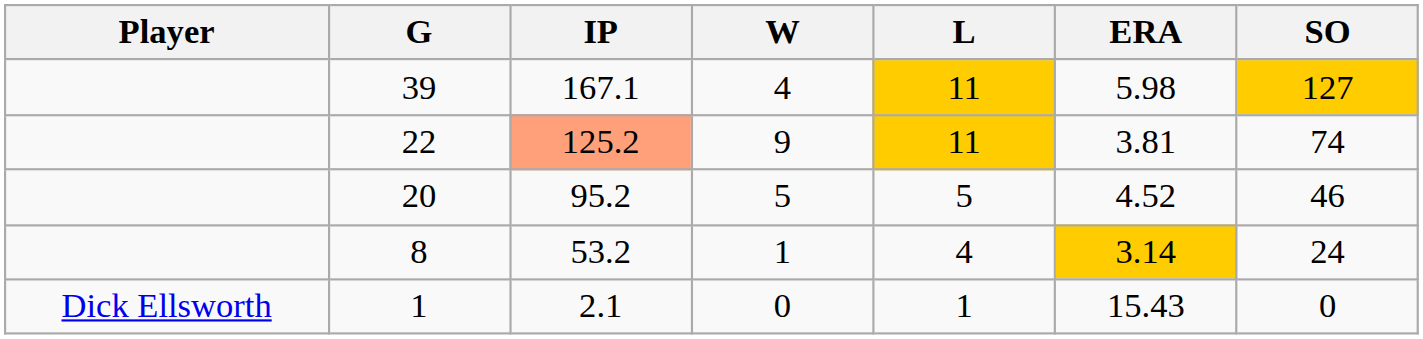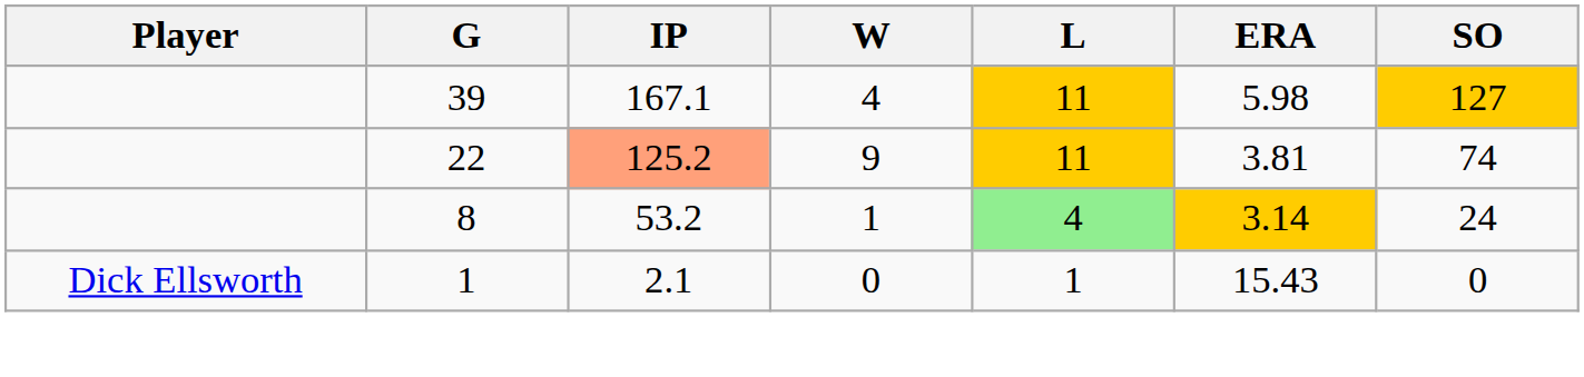 <table class="wikitable sortable">
 <tr>
 <th bgcolor="#DDDDFF" width="16%">Player</th>
 <th bgcolor="#DDDDFF" width="9%">G</th>
 <th bgcolor="#DDDDFF" width="9%">IP</th>
 <th bgcolor="#DDDDFF" width="9%">W</th>
 <th bgcolor="#DDDDFF" width="9%">L</th>
 <th bgcolor="#DDDDFF" width="9%">ERA</th>
 <th bgcolor="#DDDDFF" width="9%">SO</th>
 </tr>
 <tr align="center">
 <td></td>
 <td>39</td>
 <td>167.1</td>
 <td>4</td>
 <td style="background:#fc0;">11</td>
 <td>5.98</td>
 <td style="background:#fc0;">127</td>
 </tr>
 <tr align="center">
 <td></td>
 <td>22</td>
 <td style="background: lightsalmon;">125.2</td>
 <td>9</td>
 <td style="background:#fc0;">11</td>
 <td>3.81</td>
 <td>74</td>
 </tr>
 <tr align="center">
 <td></td>
-<td>20</td>
-<td>95.2</td>
-<td>5</td>
-<td>5</td>
-<td>4.52</td>
-<td>46</td>
-</tr>
-<tr align="center">
-<td></td>
 <td>8</td>
 <td>53.2</td>
 <td>1</td>
-<td>4</td>
+<td style="background: lightgreen;">4</td>
 <td style="background:#fc0;">3.14</td>
 <td>24</td>
 </tr>
 <tr align="center">
 <td><a href='#'>Dick Ellsworth</a></td>
 <td>1</td>
 <td>2.1</td>
 <td>0</td>
 <td>1</td>
 <td>15.43</td>
 <td>0</td>
 </tr>
 </table>
